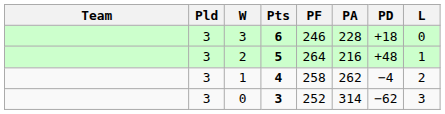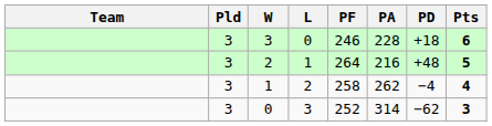 <table class=wikitable style="text-align:center">
 <tr>
 <th width=180>Team</th>
 <th width=30>Pld</th>
 <th width=30>W</th>
-<th width=30>Pts</th>
+<th width=30>L</th>
 <th width=30>PF</th>
 <th width=30>PA</th>
 <th width=30>PD</th>
-<th width=30>L</th>
+<th width=30>Pts</th>
 </tr>
 <tr align=center bgcolor="#ccffcc">
 <td align=left></td>
 <td>3</td>
 <td>3</td>
-<td><strong>6</strong></td>
+<td>0</td>
 <td>246</td>
 <td>228</td>
 <td>+18</td>
-<td>0</td>
+<td><strong>6</strong></td>
 </tr>
 <tr align=center bgcolor="#ccffcc">
 <td align=left></td>
 <td>3</td>
 <td>2</td>
-<td><strong>5</strong></td>
+<td>1</td>
 <td>264</td>
 <td>216</td>
 <td>+48</td>
-<td>1</td>
+<td><strong>5</strong></td>
 </tr>
 <tr align=center>
 <td align=left></td>
 <td>3</td>
 <td>1</td>
-<td><strong>4</strong></td>
+<td>2</td>
 <td>258</td>
 <td>262</td>
 <td>−4</td>
-<td>2</td>
+<td><strong>4</strong></td>
 </tr>
 <tr align=center>
 <td align=left></td>
 <td>3</td>
 <td>0</td>
-<td><strong>3</strong></td>
+<td>3</td>
 <td>252</td>
 <td>314</td>
 <td>−62</td>
-<td>3</td>
+<td><strong>3</strong></td>
 </tr>
 </table>
